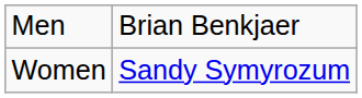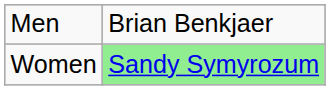 <table class="wikitable">
 <tr>
 <td>Men</td>
 <td> Brian Benkjaer</td>
 </tr>
 <tr>
 <td>Women</td>
-<td> <a href='#'>Sandy Symyrozum</a></td>
+<td style="background: lightgreen;"> <a href='#'>Sandy Symyrozum</a></td>
 </tr>
 </table>
